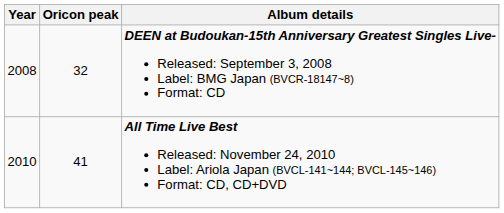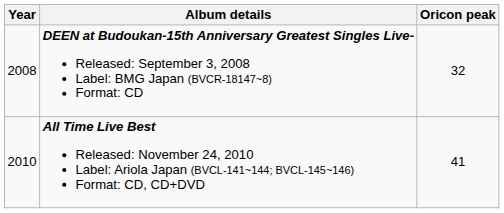 <table class="wikitable">
 <tr>
 <th>Year</th>
+<th>Album details</th>
 <th>Oricon peak</th>
-<th>Album details</th>
 </tr>
 <tr>
 <td>2008</td>
+<td><strong><em>DEEN at Budoukan-15th Anniversary Greatest Singles Live- </em></strong><br><ul><li>Released: September 3, 2008</li><li>Label: BMG Japan <small>(BVCR-18147~8)</small></li><li>Format: CD</li></ul></td>
 <td align="center">32</td>
-<td><strong><em>DEEN at Budoukan-15th Anniversary Greatest Singles Live- </em></strong><br><ul><li>Released: September 3, 2008</li><li>Label: BMG Japan <small>(BVCR-18147~8)</small></li><li>Format: CD</li></ul></td>
 </tr>
 <tr>
 <td>2010</td>
+<td><strong><em>All Time Live Best </em></strong><br><ul><li>Released: November 24, 2010</li><li>Label: Ariola Japan <small>(BVCL-141~144; BVCL-145~146)</small></li><li>Format: CD, CD+DVD</li></ul></td>
 <td align="center">41</td>
-<td><strong><em>All Time Live Best </em></strong><br><ul><li>Released: November 24, 2010</li><li>Label: Ariola Japan <small>(BVCL-141~144; BVCL-145~146)</small></li><li>Format: CD, CD+DVD</li></ul></td>
 </tr>
 </table>
